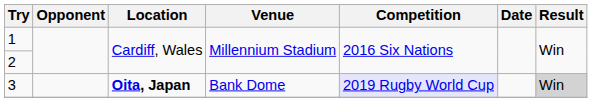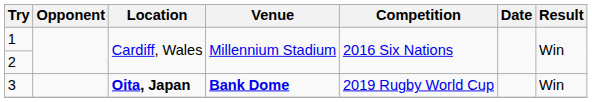 <table class="wikitable sortable">
 <tr>
 <th>Try</th>
 <th>Opponent</th>
 <th>Location</th>
 <th>Venue</th>
 <th>Competition</th>
 <th>Date</th>
 <th>Result</th>
 </tr>
 <tr>
 <td>1</td>
 <td rowspan=2></td>
 <td rowspan=2><a href='#'>Cardiff</a>, Wales</td>
 <td rowspan=2><a href='#'>Millennium Stadium</a></td>
 <td rowspan=2><a href='#'>2016 Six Nations</a></td>
 <td rowspan=2></td>
 <td rowspan=2>Win</td>
 </tr>
 <tr>
 <td>2</td>
 </tr>
 <tr>
 <td>3</td>
 <td></td>
 <td><strong><a href='#'>Oita</a>, Japan</strong></td>
-<td><a href='#'>Bank Dome</a></td>
-<td style="background: lavender;"><a href='#'>2019 Rugby World Cup</a></td>
+<td><strong><a href='#'>Bank Dome</a></strong></td>
+<td><a href='#'>2019 Rugby World Cup</a></td>
 <td></td>
-<td style="background: lightgrey;">Win</td>
+<td>Win</td>
 </tr>
 <tr>
 </tr>
 </table>
